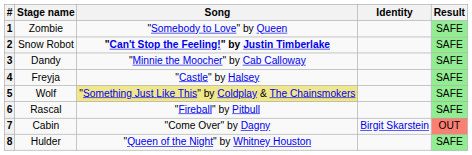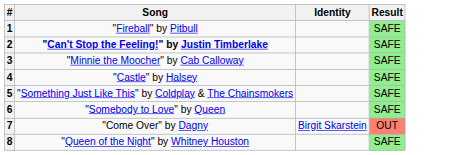 <table class="wikitable plainrowheaders" style="text-align: center;">
 <tr>
 <th>#</th>
-<th>Stage name</th>
 <th>Song</th>
 <th>Identity</th>
 <th>Result</th>
 </tr>
 <tr>
 <th>1</th>
-<td>Zombie</td>
-<td>"<a href='#'>Somebody to Love</a>" by <a href='#'>Queen</a></td>
+<td>"<a href='#'>Fireball</a>" by <a href='#'>Pitbull</a></td>
 <td></td>
 <td bgcolor="lightgreen">SAFE</td>
 </tr>
 <tr>
 <th>2</th>
-<td>Snow Robot</td>
 <td><strong>"<a href='#'>Can't Stop the Feeling!</a>" by <a href='#'>Justin Timberlake</a></strong></td>
 <td></td>
 <td bgcolor="lightgreen">SAFE</td>
 </tr>
 <tr>
 <th>3</th>
-<td>Dandy</td>
 <td>"<a href='#'>Minnie the Moocher</a>" by <a href='#'>Cab Calloway</a></td>
 <td></td>
 <td bgcolor="lightgreen">SAFE</td>
 </tr>
 <tr>
 <th>4</th>
-<td>Freyja</td>
 <td>"<a href='#'>Castle</a>" by <a href='#'>Halsey</a></td>
 <td></td>
 <td bgcolor="lightgreen">SAFE</td>
 </tr>
 <tr>
 <th>5</th>
-<td>Wolf</td>
-<td style="background: khaki;">"<a href='#'>Something Just Like This</a>" by <a href='#'>Coldplay</a> & <a href='#'>The Chainsmokers</a></td>
+<td>"<a href='#'>Something Just Like This</a>" by <a href='#'>Coldplay</a> & <a href='#'>The Chainsmokers</a></td>
 <td></td>
 <td bgcolor="lightgreen">SAFE</td>
 </tr>
 <tr>
 <th>6</th>
-<td>Rascal</td>
-<td>"<a href='#'>Fireball</a>" by <a href='#'>Pitbull</a></td>
+<td>"<a href='#'>Somebody to Love</a>" by <a href='#'>Queen</a></td>
 <td></td>
 <td bgcolor="lightgreen">SAFE</td>
 </tr>
 <tr>
 <th>7</th>
-<td>Cabin</td>
 <td>"Come Over" by <a href='#'>Dagny</a></td>
 <td><a href='#'>Birgit Skarstein</a></td>
 <td bgcolor=salmon>OUT</td>
 </tr>
 <tr>
 <th>8</th>
-<td>Hulder</td>
 <td>"<a href='#'>Queen of the Night</a>" by <a href='#'>Whitney Houston</a></td>
 <td></td>
 <td bgcolor="lightgreen">SAFE</td>
 </tr>
 </table>
